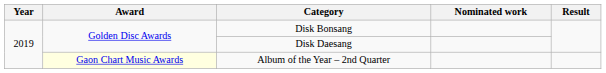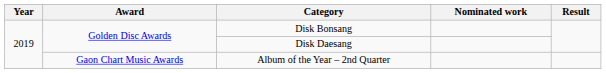 <table width="75%" class="wikitable" style="text-align:center">
 <tr>
 <th>Year</th>
 <th>Award</th>
 <th>Category</th>
 <th>Nominated work</th>
 <th>Result</th>
 </tr>
 <tr>
 <td align="center" rowspan="3">2019</td>
 <td align="center" rowspan="2"><a href='#'>Golden Disc Awards</a></td>
 <td align="center">Disk Bonsang</td>
 <td></td>
 <td align="center" rowspan="2"></td>
 </tr>
 <tr>
 <td align="center">Disk Daesang</td>
 <td></td>
 </tr>
 <tr>
-<td align="center" style="background: lightyellow;"><a href='#'>Gaon Chart Music Awards</a></td>
+<td align="center"><a href='#'>Gaon Chart Music Awards</a></td>
 <td align="center">Album of the Year – 2nd Quarter</td>
 <td></td>
 <td align="center"></td>
 </tr>
 </table>
